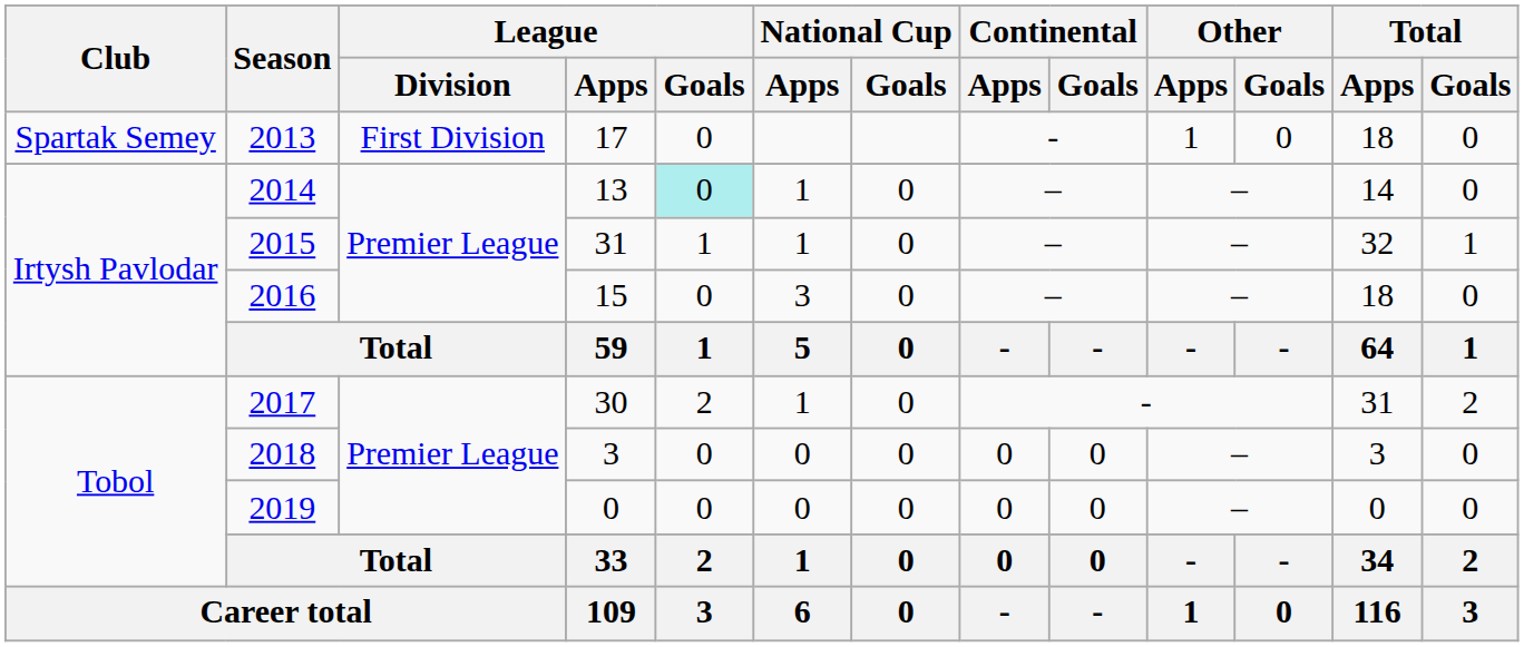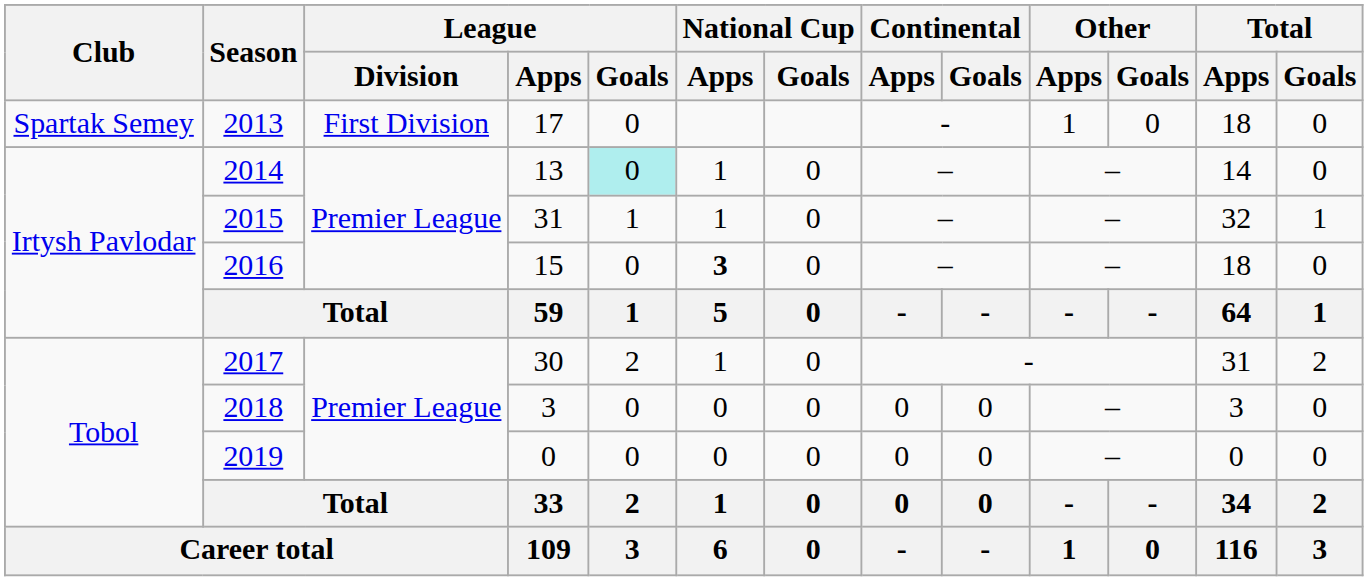 <table class="wikitable" style="text-align: center;">
 <tr>
 <th rowspan="2">Club</th>
 <th rowspan="2">Season</th>
 <th colspan="3">League</th>
 <th colspan="2">National Cup</th>
 <th colspan="2">Continental</th>
 <th colspan="2">Other</th>
 <th colspan="2">Total</th>
 </tr>
 <tr>
 <th>Division</th>
 <th>Apps</th>
 <th>Goals</th>
 <th>Apps</th>
 <th>Goals</th>
 <th>Apps</th>
 <th>Goals</th>
 <th>Apps</th>
 <th>Goals</th>
 <th>Apps</th>
 <th>Goals</th>
 </tr>
 <tr>
 <td rowspan="1" valign="center"><a href='#'>Spartak Semey</a></td>
 <td><a href='#'>2013</a></td>
 <td rowspan="1" valign="center"><a href='#'>First Division</a></td>
 <td>17</td>
 <td>0</td>
 <td></td>
 <td></td>
 <td colspan="2">-</td>
 <td>1</td>
 <td>0</td>
 <td>18</td>
 <td>0</td>
 </tr>
 <tr>
 <td rowspan="4" valign="center"><a href='#'>Irtysh Pavlodar</a></td>
 <td><a href='#'>2014</a></td>
 <td rowspan="3" valign="center"><a href='#'>Premier League</a></td>
 <td>13</td>
 <td style="background: paleturquoise;">0</td>
 <td>1</td>
 <td>0</td>
 <td colspan="2">–</td>
 <td colspan="2">–</td>
 <td>14</td>
 <td>0</td>
 </tr>
 <tr>
 <td><a href='#'>2015</a></td>
 <td>31</td>
 <td>1</td>
 <td>1</td>
 <td>0</td>
 <td colspan="2">–</td>
 <td colspan="2">–</td>
 <td>32</td>
 <td>1</td>
 </tr>
 <tr>
 <td><a href='#'>2016</a></td>
 <td>15</td>
 <td>0</td>
-<td>3</td>
+<td><strong>3</strong></td>
 <td>0</td>
 <td colspan="2">–</td>
 <td colspan="2">–</td>
 <td>18</td>
 <td>0</td>
 </tr>
 <tr>
 <th colspan="2">Total</th>
 <th>59</th>
 <th>1</th>
 <th>5</th>
 <th>0</th>
 <th>-</th>
 <th>-</th>
 <th>-</th>
 <th>-</th>
 <th>64</th>
 <th>1</th>
 </tr>
 <tr>
 <td rowspan="4" valign="center"><a href='#'>Tobol</a></td>
 <td><a href='#'>2017</a></td>
 <td rowspan="3" valign="center"><a href='#'>Premier League</a></td>
 <td>30</td>
 <td>2</td>
 <td>1</td>
 <td>0</td>
 <td colspan="4">-</td>
 <td>31</td>
 <td>2</td>
 </tr>
 <tr>
 <td><a href='#'>2018</a></td>
 <td>3</td>
 <td>0</td>
 <td>0</td>
 <td>0</td>
 <td>0</td>
 <td>0</td>
 <td colspan="2">–</td>
 <td>3</td>
 <td>0</td>
 </tr>
 <tr>
 <td><a href='#'>2019</a></td>
 <td>0</td>
 <td>0</td>
 <td>0</td>
 <td>0</td>
 <td>0</td>
 <td>0</td>
 <td colspan="2">–</td>
 <td>0</td>
 <td>0</td>
 </tr>
 <tr>
 <th colspan="2">Total</th>
 <th>33</th>
 <th>2</th>
 <th>1</th>
 <th>0</th>
 <th>0</th>
 <th>0</th>
 <th>-</th>
 <th>-</th>
 <th>34</th>
 <th>2</th>
 </tr>
 <tr>
 <th colspan="3">Career total</th>
 <th>109</th>
 <th>3</th>
 <th>6</th>
 <th>0</th>
 <th>-</th>
 <th>-</th>
 <th>1</th>
 <th>0</th>
 <th>116</th>
 <th>3</th>
 </tr>
 </table>
